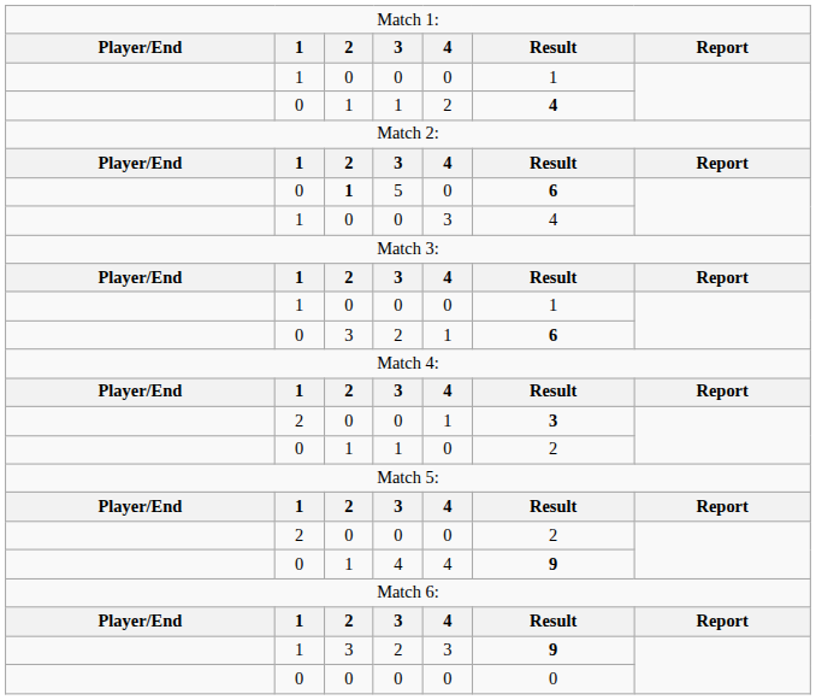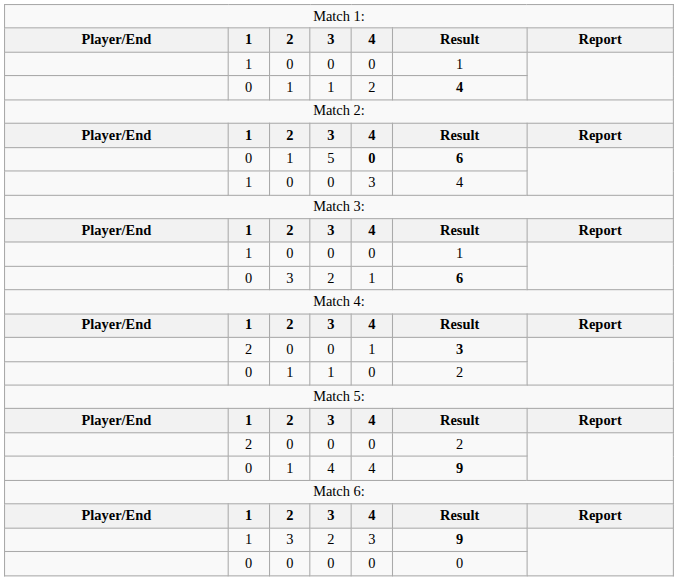 <table class="wikitable" style=font-size:85%;text-align:center;width:50%>
 <tr>
 <td colspan="7">Match 1:</td>
 </tr>
 <tr>
 <th>Player/End</th>
 <th>1</th>
 <th>2</th>
 <th>3</th>
 <th>4</th>
 <th>Result</th>
 <th>Report</th>
 </tr>
 <tr>
 <td align=left></td>
 <td>1</td>
 <td>0</td>
 <td>0</td>
 <td>0</td>
 <td>1</td>
 <td rowspan="2"></td>
 </tr>
 <tr>
 <td align=left></td>
 <td>0</td>
 <td>1</td>
 <td>1</td>
 <td>2</td>
 <td><strong>4</strong></td>
 </tr>
 <tr>
 <td colspan="7">Match 2:</td>
 </tr>
 <tr>
 <th>Player/End</th>
 <th>1</th>
 <th>2</th>
 <th>3</th>
 <th>4</th>
 <th>Result</th>
 <th>Report</th>
 </tr>
 <tr>
 <td align=left></td>
 <td>0</td>
-<td><strong>1</strong></td>
+<td>1</td>
 <td>5</td>
-<td>0</td>
+<td><strong>0</strong></td>
 <td><strong>6</strong></td>
 <td rowspan="2"></td>
 </tr>
 <tr>
 <td align=left></td>
 <td>1</td>
 <td>0</td>
 <td>0</td>
 <td>3</td>
 <td>4</td>
 </tr>
 <tr>
 <td colspan="7">Match 3:</td>
 </tr>
 <tr>
 <th>Player/End</th>
 <th>1</th>
 <th>2</th>
 <th>3</th>
 <th>4</th>
 <th>Result</th>
 <th>Report</th>
 </tr>
 <tr>
 <td align=left></td>
 <td>1</td>
 <td>0</td>
 <td>0</td>
 <td>0</td>
 <td>1</td>
 <td rowspan="2"></td>
 </tr>
 <tr>
 <td align=left><strong></strong></td>
 <td>0</td>
 <td>3</td>
 <td>2</td>
 <td>1</td>
 <td><strong>6</strong></td>
 </tr>
 <tr>
 <td colspan="7">Match 4:</td>
 </tr>
 <tr>
 <th>Player/End</th>
 <th>1</th>
 <th>2</th>
 <th>3</th>
 <th>4</th>
 <th>Result</th>
 <th>Report</th>
 </tr>
 <tr>
 <td align=left><strong></strong></td>
 <td>2</td>
 <td>0</td>
 <td>0</td>
 <td>1</td>
 <td><strong>3</strong></td>
 <td rowspan="2"></td>
 </tr>
 <tr>
 <td align=left></td>
 <td>0</td>
 <td>1</td>
 <td>1</td>
 <td>0</td>
 <td>2</td>
 </tr>
 <tr>
 <td colspan="7">Match 5:</td>
 </tr>
 <tr>
 <th>Player/End</th>
 <th>1</th>
 <th>2</th>
 <th>3</th>
 <th>4</th>
 <th>Result</th>
 <th>Report</th>
 </tr>
 <tr>
 <td align=left></td>
 <td>2</td>
 <td>0</td>
 <td>0</td>
 <td>0</td>
 <td>2</td>
 <td rowspan="2"></td>
 </tr>
 <tr>
 <td align=left><strong></strong></td>
 <td>0</td>
 <td>1</td>
 <td>4</td>
 <td>4</td>
 <td><strong>9</strong></td>
 </tr>
 <tr>
 <td colspan="7">Match 6:</td>
 </tr>
 <tr>
 <th>Player/End</th>
 <th>1</th>
 <th>2</th>
 <th>3</th>
 <th>4</th>
 <th>Result</th>
 <th>Report</th>
 </tr>
 <tr>
 <td align=left><strong></strong></td>
 <td>1</td>
 <td>3</td>
 <td>2</td>
 <td>3</td>
 <td><strong>9</strong></td>
 <td rowspan="2"></td>
 </tr>
 <tr>
 <td align=left></td>
 <td>0</td>
 <td>0</td>
 <td>0</td>
 <td>0</td>
 <td>0</td>
 </tr>
 </table>
